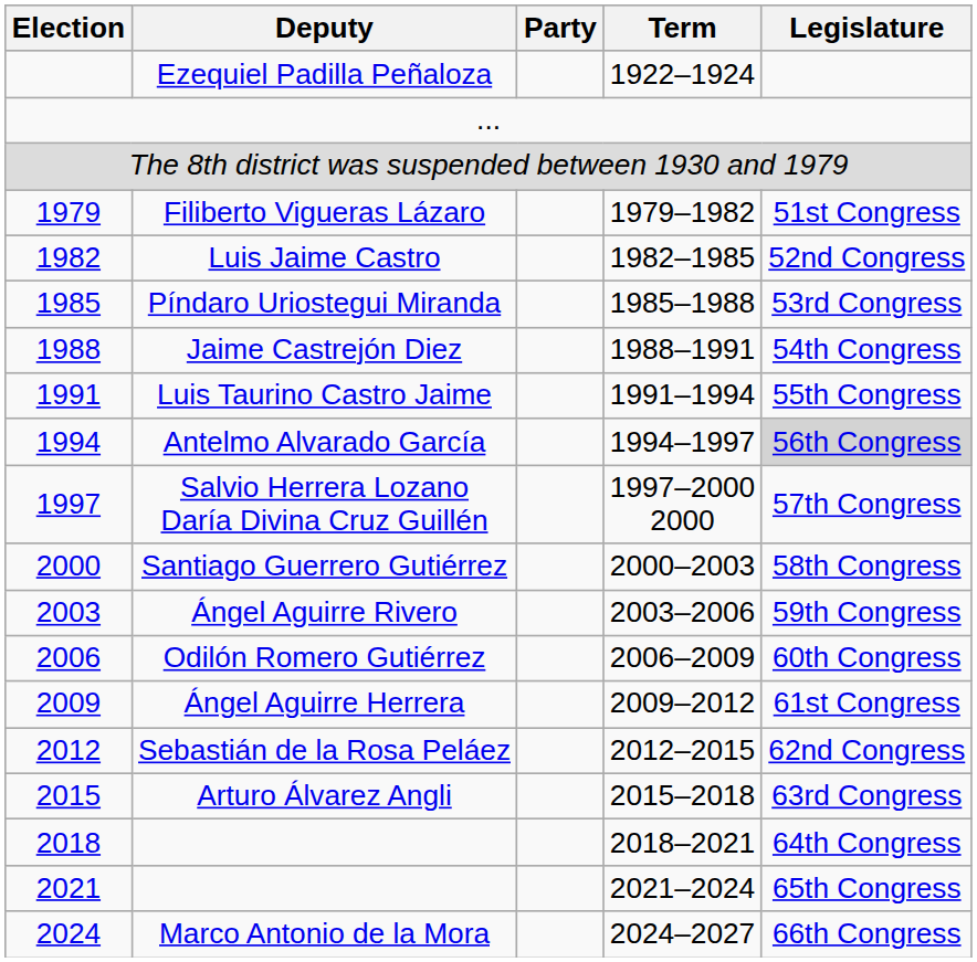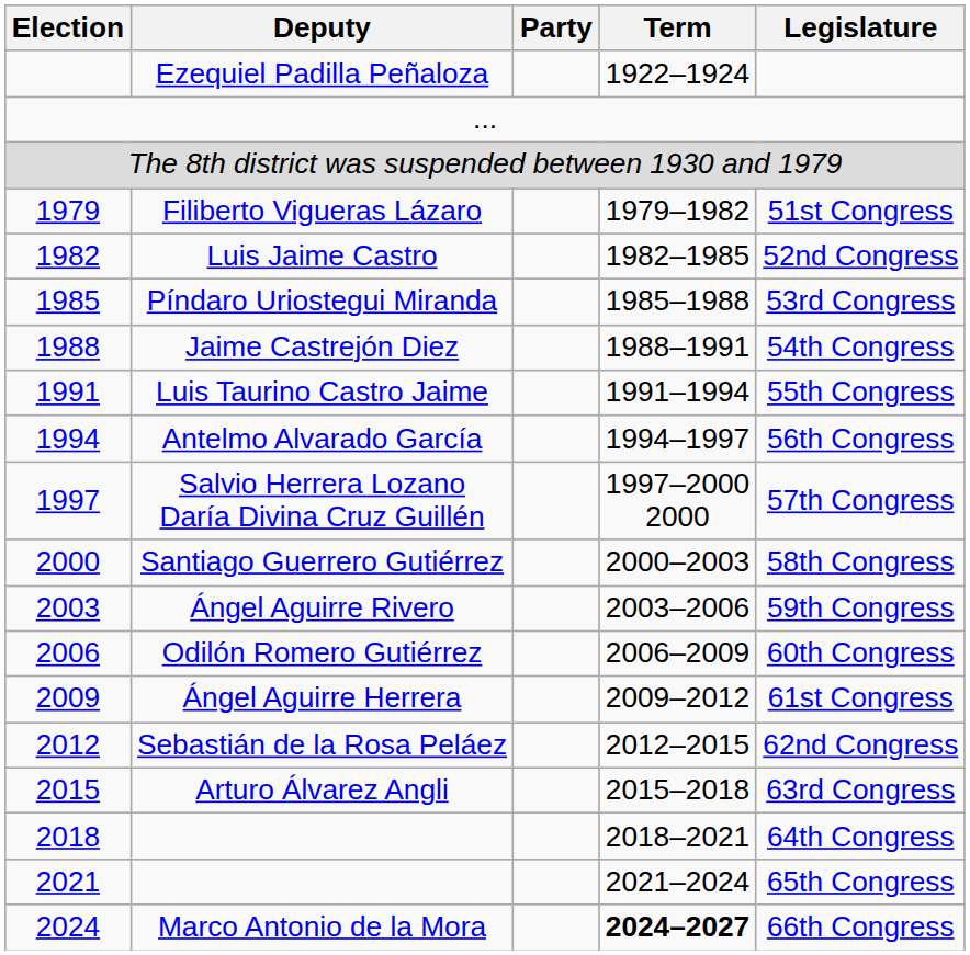 <table class="wikitable sortable" style="text-align: center">
 <tr>
 <th>Election</th>
 <th class="unsortable">Deputy</th>
 <th class="unsortable">Party</th>
 <th class="unsortable">Term</th>
 <th class="unsortable">Legislature</th>
 </tr>
 <tr>
 <td></td>
 <td><a href='#'>Ezequiel Padilla Peñaloza</a></td>
 <td></td>
 <td>1922–1924</td>
 <td></td>
 </tr>
 <tr>
 <td colspan=5> ...</td>
 </tr>
 <tr align=center style="background:Gainsboro;">
 <td colspan=5> <em>The 8th district was suspended between 1930 and 1979</em></td>
 </tr>
 <tr>
 <td><a href='#'>1979</a></td>
 <td><a href='#'>Filiberto Vigueras Lázaro</a></td>
 <td></td>
 <td>1979–1982</td>
 <td><a href='#'>51st Congress</a></td>
 </tr>
 <tr>
 <td><a href='#'>1982</a></td>
 <td><a href='#'>Luis Jaime Castro</a></td>
 <td></td>
 <td>1982–1985</td>
 <td><a href='#'>52nd Congress</a></td>
 </tr>
 <tr>
 <td><a href='#'>1985</a></td>
 <td><a href='#'>Píndaro Uriostegui Miranda</a></td>
 <td></td>
 <td>1985–1988</td>
 <td><a href='#'>53rd Congress</a></td>
 </tr>
 <tr>
 <td><a href='#'>1988</a></td>
 <td><a href='#'>Jaime Castrejón Diez</a></td>
 <td></td>
 <td>1988–1991</td>
 <td><a href='#'>54th Congress</a></td>
 </tr>
 <tr>
 <td><a href='#'>1991</a></td>
 <td><a href='#'>Luis Taurino Castro Jaime</a></td>
 <td></td>
 <td>1991–1994</td>
 <td><a href='#'>55th Congress</a></td>
 </tr>
 <tr>
 <td><a href='#'>1994</a></td>
 <td><a href='#'>Antelmo Alvarado García</a></td>
 <td></td>
 <td>1994–1997</td>
-<td style="background: lightgrey;"><a href='#'>56th Congress</a></td>
+<td><a href='#'>56th Congress</a></td>
 </tr>
 <tr>
 <td><a href='#'>1997</a></td>
 <td><a href='#'>Salvio Herrera Lozano</a><br><a href='#'>Daría Divina Cruz Guillén</a></td>
 <td></td>
 <td>1997–2000<br>2000</td>
 <td><a href='#'>57th Congress</a></td>
 </tr>
 <tr>
 <td><a href='#'>2000</a></td>
 <td><a href='#'>Santiago Guerrero Gutiérrez</a></td>
 <td></td>
 <td>2000–2003</td>
 <td><a href='#'>58th Congress</a></td>
 </tr>
 <tr>
 <td><a href='#'>2003</a></td>
 <td><a href='#'>Ángel Aguirre Rivero</a></td>
 <td></td>
 <td>2003–2006</td>
 <td><a href='#'>59th Congress</a></td>
 </tr>
 <tr>
 <td><a href='#'>2006</a></td>
 <td><a href='#'>Odilón Romero Gutiérrez</a></td>
 <td></td>
 <td>2006–2009</td>
 <td><a href='#'>60th Congress</a></td>
 </tr>
 <tr>
 <td><a href='#'>2009</a></td>
 <td><a href='#'>Ángel Aguirre Herrera</a></td>
 <td> </td>
 <td>2009–2012</td>
 <td><a href='#'>61st Congress</a></td>
 </tr>
 <tr>
 <td><a href='#'>2012</a></td>
 <td><a href='#'>Sebastián de la Rosa Peláez</a></td>
 <td></td>
 <td>2012–2015</td>
 <td><a href='#'>62nd Congress</a></td>
 </tr>
 <tr>
 <td><a href='#'>2015</a></td>
 <td><a href='#'>Arturo Álvarez Angli</a></td>
 <td></td>
 <td>2015–2018</td>
 <td><a href='#'>63rd Congress</a></td>
 </tr>
 <tr>
 <td><a href='#'>2018</a></td>
 <td></td>
 <td></td>
 <td>2018–2021</td>
 <td><a href='#'>64th Congress</a></td>
 </tr>
 <tr>
 <td><a href='#'>2021</a></td>
 <td></td>
 <td></td>
 <td>2021–2024</td>
 <td><a href='#'>65th Congress</a></td>
 </tr>
 <tr>
 <td><a href='#'>2024</a></td>
 <td><a href='#'>Marco Antonio de la Mora</a></td>
 <td></td>
-<td>2024–2027</td>
+<td><strong>2024–2027</strong></td>
 <td><a href='#'>66th Congress</a></td>
 </tr>
 </table>
